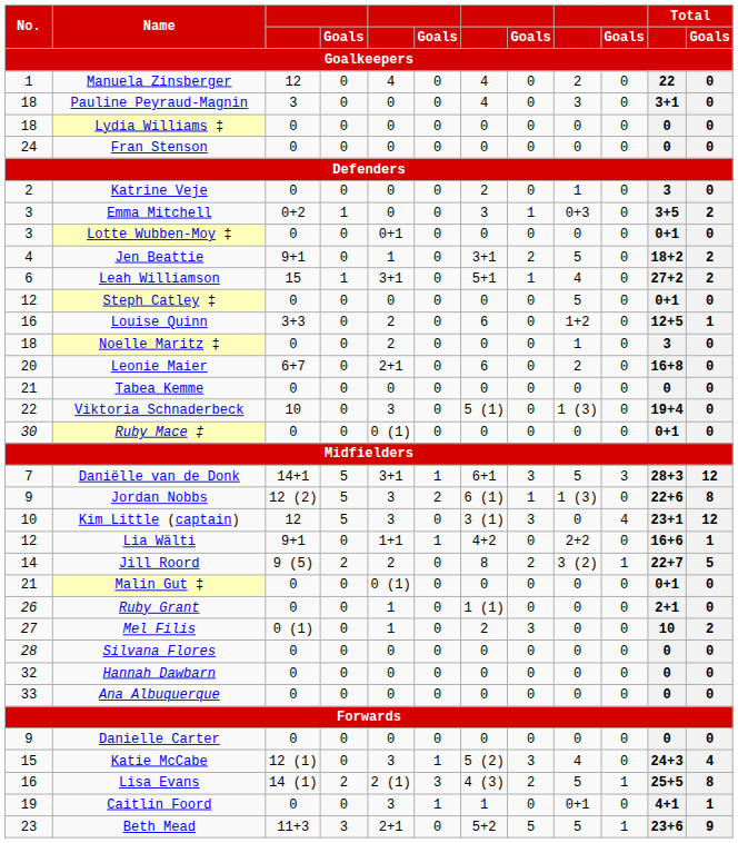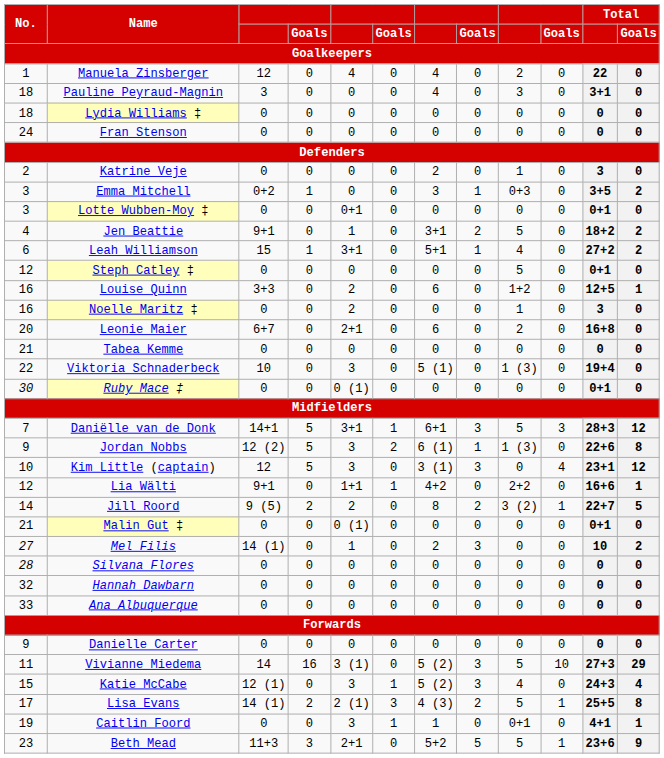 <table class="wikitable" style="text-align:center; font-size:100%; ">
 <tr>
 <th rowspan="2" style="background:#d50000; color:white; text-align:center; width:40px">No.</th>
 <th rowspan="2" style="background:#d50000; color:white; text-align:center;width:200px">Name</th>
 <th colspan="2" style="background:#d50000; color:white; text-align:center;"><a href='#'></a></th>
 <th colspan="2" style="background:#d50000; color:white; text-align:center;"><a href='#'></a></th>
 <th colspan="2" style="background:#d50000; color:white; text-align:center;"><a href='#'></a></th>
 <th colspan="2" style="background:#d50000; color:white; text-align:center;"><a href='#'></a></th>
 <th colspan="2" style="background:#d50000; color:white; text-align:center;">Total</th>
 </tr>
 <tr>
 <th style="background:#d50000; color:white; text-align:center;width=50px"></th>
 <th style="background:#d50000; color:white; text-align:center;width=50px">Goals</th>
 <th style="background:#d50000; color:white; text-align:center;width=50px"></th>
 <th style="background:#d50000; color:white; text-align:center;width=50px">Goals</th>
 <th style="background:#d50000; color:white; text-align:center;width=50px"></th>
 <th style="background:#d50000; color:white; text-align:center;width=50px">Goals</th>
 <th style="background:#d50000; color:white; text-align:center;width=50px"></th>
 <th style="background:#d50000; color:white; text-align:center;width=50px">Goals</th>
 <th style="background:#d50000; color:white; text-align:center;width=50px"></th>
 <th style="background:#d50000; color:white; text-align:center;width=50px">Goals</th>
 </tr>
 <tr>
 <th colspan="12" style="background:#d50000; color:white; text-align:center;">Goalkeepers</th>
 </tr>
 <tr>
 <td>1</td>
 <td> <a href='#'>Manuela Zinsberger</a></td>
 <td>12</td>
 <td>0</td>
 <td>4</td>
 <td>0</td>
 <td>4</td>
 <td>0</td>
 <td>2</td>
 <td>0</td>
 <th>22</th>
 <th>0</th>
 </tr>
 <tr>
 <td>18</td>
 <td> <a href='#'>Pauline Peyraud-Magnin</a></td>
 <td>3</td>
 <td>0</td>
 <td>0</td>
 <td>0</td>
 <td>4</td>
 <td>0</td>
 <td>3</td>
 <td>0</td>
 <th>3+1</th>
 <th>0</th>
 </tr>
 <tr>
 <td>18</td>
 <td style="background:#ffb;"> <a href='#'>Lydia Williams</a> ‡</td>
 <td>0</td>
 <td>0</td>
 <td>0</td>
 <td>0</td>
 <td>0</td>
 <td>0</td>
 <td>0</td>
 <td>0</td>
 <th>0</th>
 <th>0</th>
 </tr>
 <tr>
 <td>24</td>
 <td> <a href='#'>Fran Stenson</a></td>
 <td>0</td>
 <td>0</td>
 <td>0</td>
 <td>0</td>
 <td>0</td>
 <td>0</td>
 <td>0</td>
 <td>0</td>
 <th>0</th>
 <th>0</th>
 </tr>
 <tr>
 <th colspan="12" style="background:#d50000; color:white; text-align:center;">Defenders</th>
 </tr>
 <tr>
 <td>2</td>
 <td> <a href='#'>Katrine Veje</a></td>
 <td>0</td>
 <td>0</td>
 <td>0</td>
 <td>0</td>
 <td>2</td>
 <td>0</td>
 <td>1</td>
 <td>0</td>
 <th>3</th>
 <th>0</th>
 </tr>
 <tr>
 <td>3</td>
 <td> <a href='#'>Emma Mitchell</a></td>
 <td>0+2</td>
 <td>1</td>
 <td>0</td>
 <td>0</td>
 <td>3</td>
 <td>1</td>
 <td>0+3</td>
 <td>0</td>
 <th>3+5</th>
 <th>2</th>
 </tr>
 <tr>
 <td>3</td>
 <td style="background:#ffb;"> <a href='#'>Lotte Wubben-Moy</a> ‡</td>
 <td>0</td>
 <td>0</td>
 <td>0+1</td>
 <td>0</td>
 <td>0</td>
 <td>0</td>
 <td>0</td>
 <td>0</td>
 <th>0+1</th>
 <th>0</th>
 </tr>
 <tr>
 <td>4</td>
 <td> <a href='#'>Jen Beattie</a></td>
 <td>9+1</td>
 <td>0</td>
 <td>1</td>
 <td>0</td>
 <td>3+1</td>
 <td>2</td>
 <td>5</td>
 <td>0</td>
 <th>18+2</th>
 <th>2</th>
 </tr>
 <tr>
 <td>6</td>
 <td> <a href='#'>Leah Williamson</a></td>
 <td>15</td>
 <td>1</td>
 <td>3+1</td>
 <td>0</td>
 <td>5+1</td>
 <td>1</td>
 <td>4</td>
 <td>0</td>
 <th>27+2</th>
 <th>2</th>
 </tr>
 <tr>
 <td>12</td>
 <td style="background:#ffb;"> <a href='#'>Steph Catley</a> ‡</td>
 <td>0</td>
 <td>0</td>
 <td>0</td>
 <td>0</td>
 <td>0</td>
 <td>0</td>
 <td>5</td>
 <td>0</td>
 <th>0+1</th>
 <th>0</th>
 </tr>
 <tr>
 <td>16</td>
 <td> <a href='#'>Louise Quinn</a></td>
 <td>3+3</td>
 <td>0</td>
 <td>2</td>
 <td>0</td>
 <td>6</td>
 <td>0</td>
 <td>1+2</td>
 <td>0</td>
 <th>12+5</th>
 <th>1</th>
 </tr>
 <tr>
-<td>18</td>
+<td>16</td>
 <td style="background:#ffb;"> <a href='#'>Noelle Maritz</a> ‡</td>
 <td>0</td>
 <td>0</td>
 <td>2</td>
 <td>0</td>
 <td>0</td>
 <td>0</td>
 <td>1</td>
 <td>0</td>
 <th>3</th>
 <th>0</th>
 </tr>
 <tr>
 <td>20</td>
 <td> <a href='#'>Leonie Maier</a></td>
 <td>6+7</td>
 <td>0</td>
 <td>2+1</td>
 <td>0</td>
 <td>6</td>
 <td>0</td>
 <td>2</td>
 <td>0</td>
 <th>16+8</th>
 <th>0</th>
 </tr>
 <tr>
 <td>21</td>
 <td> <a href='#'>Tabea Kemme</a></td>
 <td>0</td>
 <td>0</td>
 <td>0</td>
 <td>0</td>
 <td>0</td>
 <td>0</td>
 <td>0</td>
 <td>0</td>
 <th>0</th>
 <th>0</th>
 </tr>
 <tr>
 <td>22</td>
 <td> <a href='#'>Viktoria Schnaderbeck</a></td>
 <td>10</td>
 <td>0</td>
 <td>3</td>
 <td>0</td>
 <td>5 (1)</td>
 <td>0</td>
 <td>1 (3)</td>
 <td>0</td>
 <th>19+4</th>
 <th>0</th>
 </tr>
 <tr>
 <td><em>30</em></td>
 <td style="background:#ffb;"><em> <a href='#'>Ruby Mace</a> ‡</em></td>
 <td>0</td>
 <td>0</td>
 <td>0 (1)</td>
 <td>0</td>
 <td>0</td>
 <td>0</td>
 <td>0</td>
 <td>0</td>
 <th>0+1</th>
 <th>0</th>
 </tr>
 <tr>
 <th colspan="12" style="background:#d50000; color:white; text-align:center;">Midfielders</th>
 </tr>
 <tr>
 <td>7</td>
 <td> <a href='#'>Daniëlle van de Donk</a></td>
 <td>14+1</td>
 <td>5</td>
 <td>3+1</td>
 <td>1</td>
 <td>6+1</td>
 <td>3</td>
 <td>5</td>
 <td>3</td>
 <th>28+3</th>
 <th>12</th>
 </tr>
 <tr>
 <td>9</td>
 <td> <a href='#'>Jordan Nobbs</a></td>
 <td>12 (2)</td>
 <td>5</td>
 <td>3</td>
 <td>2</td>
 <td>6 (1)</td>
 <td>1</td>
 <td>1 (3)</td>
 <td>0</td>
 <th>22+6</th>
 <th>8</th>
 </tr>
 <tr>
 <td>10</td>
 <td> <a href='#'>Kim Little</a> (<a href='#'>captain</a>)</td>
 <td>12</td>
 <td>5</td>
 <td>3</td>
 <td>0</td>
 <td>3 (1)</td>
 <td>3</td>
 <td>0</td>
 <td>4</td>
 <th>23+1</th>
 <th>12</th>
 </tr>
 <tr>
 <td>12</td>
 <td> <a href='#'>Lia Wälti</a></td>
 <td>9+1</td>
 <td>0</td>
 <td>1+1</td>
 <td>1</td>
 <td>4+2</td>
 <td>0</td>
 <td>2+2</td>
 <td>0</td>
 <th>16+6</th>
 <th>1</th>
 </tr>
 <tr>
 <td>14</td>
 <td> <a href='#'>Jill Roord</a></td>
 <td>9 (5)</td>
 <td>2</td>
 <td>2</td>
 <td>0</td>
 <td>8</td>
 <td>2</td>
 <td>3 (2)</td>
 <td>1</td>
 <th>22+7</th>
 <th>5</th>
 </tr>
 <tr>
 <td>21</td>
 <td style="background:#ffb;"> <a href='#'>Malin Gut</a> ‡</td>
 <td>0</td>
 <td>0</td>
 <td>0 (1)</td>
 <td>0</td>
 <td>0</td>
 <td>0</td>
 <td>0</td>
 <td>0</td>
 <th>0+1</th>
 <th>0</th>
 </tr>
 <tr>
-<td><em>26</em></td>
-<td><em> <a href='#'>Ruby Grant</a></em></td>
-<td>0</td>
-<td>0</td>
-<td>1</td>
-<td>0</td>
-<td>1 (1)</td>
-<td>0</td>
-<td>0</td>
-<td>0</td>
-<th>2+1</th>
-<th>0</th>
-</tr>
-<tr>
 <td><em>27</em></td>
 <td><em> <a href='#'>Mel Filis</a></em></td>
-<td>0 (1)</td>
+<td>14 (1)</td>
 <td>0</td>
 <td>1</td>
 <td>0</td>
 <td>2</td>
 <td>3</td>
 <td>0</td>
 <td>0</td>
 <th>10</th>
 <th>2</th>
 </tr>
 <tr>
 <td><em>28</em></td>
 <td><em> <a href='#'>Silvana Flores</a></em></td>
 <td>0</td>
 <td>0</td>
 <td>0</td>
 <td>0</td>
 <td>0</td>
 <td>0</td>
 <td>0</td>
 <td>0</td>
 <th>0</th>
 <th>0</th>
 </tr>
 <tr>
 <td>32</td>
 <td> <em><a href='#'>Hannah Dawbarn</a></em></td>
 <td>0</td>
 <td>0</td>
 <td>0</td>
 <td>0</td>
 <td>0</td>
 <td>0</td>
 <td>0</td>
 <td>0</td>
 <th>0</th>
 <th>0</th>
 </tr>
 <tr>
 <td>33</td>
 <td> <em><a href='#'>Ana Albuquerque</a></em></td>
 <td>0</td>
 <td>0</td>
 <td>0</td>
 <td>0</td>
 <td>0</td>
 <td>0</td>
 <td>0</td>
 <td>0</td>
 <th>0</th>
 <th>0</th>
 </tr>
 <tr>
 <th colspan="12" style="background:#d50000; color:white; text-align:center;">Forwards</th>
 </tr>
 <tr>
 <td>9</td>
 <td> <a href='#'>Danielle Carter</a></td>
 <td>0</td>
 <td>0</td>
 <td>0</td>
 <td>0</td>
 <td>0</td>
 <td>0</td>
 <td>0</td>
 <td>0</td>
 <th>0</th>
 <th>0</th>
 </tr>
 <tr>
+<td>11</td>
+<td> <a href='#'>Vivianne Miedema</a></td>
+<td>14</td>
+<td>16</td>
+<td>3 (1)</td>
+<td>0</td>
+<td>5 (2)</td>
+<td>3</td>
+<td>5</td>
+<td>10</td>
+<th>27+3</th>
+<th>29</th>
+</tr>
+<tr>
 <td>15</td>
 <td> <a href='#'>Katie McCabe</a></td>
 <td>12 (1)</td>
 <td>0</td>
 <td>3</td>
 <td>1</td>
 <td>5 (2)</td>
 <td>3</td>
 <td>4</td>
 <td>0</td>
 <th>24+3</th>
 <th>4</th>
 </tr>
 <tr>
-<td>16</td>
+<td>17</td>
 <td> <a href='#'>Lisa Evans</a></td>
 <td>14 (1)</td>
 <td>2</td>
 <td>2 (1)</td>
 <td>3</td>
 <td>4 (3)</td>
 <td>2</td>
 <td>5</td>
 <td>1</td>
 <th>25+5</th>
 <th>8</th>
 </tr>
 <tr>
 <td>19</td>
 <td> <a href='#'>Caitlin Foord</a></td>
 <td>0</td>
 <td>0</td>
 <td>3</td>
 <td>1</td>
 <td>1</td>
 <td>0</td>
 <td>0+1</td>
 <td>0</td>
 <th>4+1</th>
 <th>1</th>
 </tr>
 <tr>
 <td>23</td>
 <td> <a href='#'>Beth Mead</a></td>
 <td>11+3</td>
 <td>3</td>
 <td>2+1</td>
 <td>0</td>
 <td>5+2</td>
 <td>5</td>
 <td>5</td>
 <td>1</td>
 <th>23+6</th>
 <th>9</th>
 </tr>
 </table>
